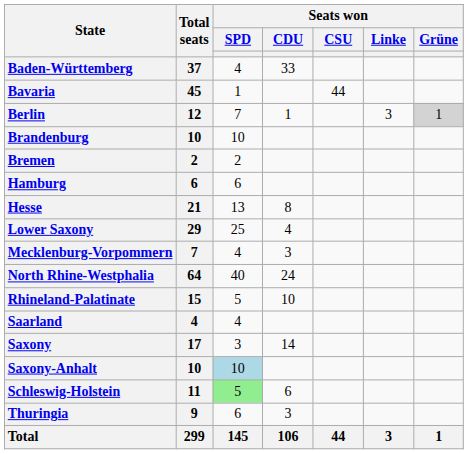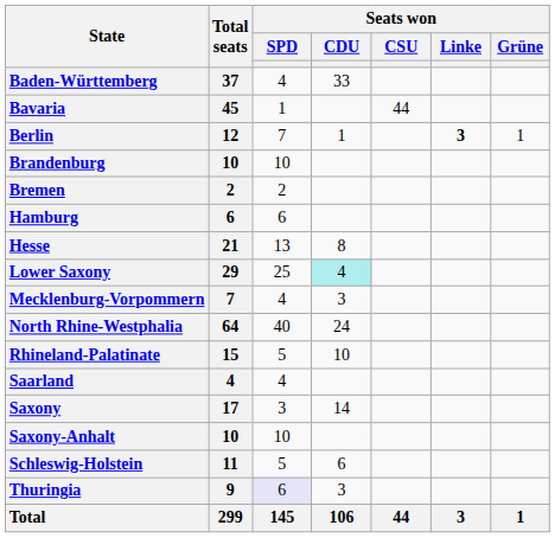 <table class="wikitable" style="text-align:center; font-size: 0.9em;">
 <tr>
 <th rowspan="3">State</th>
 <th rowspan="3">Total<br>seats</th>
 <th colspan="5">Seats won</th>
 </tr>
 <tr>
 <th class="unsortable" style="width:45px;"><a href='#'>SPD</a></th>
 <th class="unsortable" style="width:45px;"><a href='#'>CDU</a></th>
 <th class="unsortable" style="width:45px;"><a href='#'>CSU</a></th>
 <th class="unsortable" style="width:45px;"><a href='#'>Linke</a></th>
 <th class="unsortable" style="width:45px;"><a href='#'>Grüne</a></th>
 </tr>
 <tr>
 <th style="background:"></th>
 <th style="background:"></th>
 <th style="background:"></th>
 <th style="background:"></th>
 <th style="background:"></th>
 </tr>
 <tr>
 <th style="text-align: left;"><a href='#'>Baden-Württemberg</a></th>
 <th>37</th>
 <td>4</td>
 <td>33</td>
 <td></td>
 <td></td>
 <td></td>
 </tr>
 <tr>
 <th style="text-align: left;"><a href='#'>Bavaria</a></th>
 <th>45</th>
 <td>1</td>
 <td></td>
 <td>44</td>
 <td></td>
 <td></td>
 </tr>
 <tr>
 <th style="text-align: left;"><a href='#'>Berlin</a></th>
 <th>12</th>
 <td>7</td>
 <td>1</td>
 <td></td>
-<td>3</td>
-<td style="background: lightgrey;">1</td>
+<td><strong>3</strong></td>
+<td>1</td>
 </tr>
 <tr>
 <th style="text-align: left;"><a href='#'>Brandenburg</a></th>
 <th>10</th>
 <td>10</td>
 <td></td>
 <td></td>
 <td></td>
 <td></td>
 </tr>
 <tr>
 <th style="text-align: left;"><a href='#'>Bremen</a></th>
 <th>2</th>
 <td>2</td>
 <td></td>
 <td></td>
 <td></td>
 <td></td>
 </tr>
 <tr>
 <th style="text-align: left;"><a href='#'>Hamburg</a></th>
 <th>6</th>
 <td>6</td>
 <td></td>
 <td></td>
 <td></td>
 <td></td>
 </tr>
 <tr>
 <th style="text-align: left;"><a href='#'>Hesse</a></th>
 <th>21</th>
 <td>13</td>
 <td>8</td>
 <td></td>
 <td></td>
 <td></td>
 </tr>
 <tr>
 <th style="text-align: left;"><a href='#'>Lower Saxony</a></th>
 <th>29</th>
 <td>25</td>
-<td>4</td>
+<td style="background: paleturquoise;">4</td>
 <td></td>
 <td></td>
 <td></td>
 </tr>
 <tr>
 <th style="text-align: left;"><a href='#'>Mecklenburg-Vorpommern</a></th>
 <th>7</th>
 <td>4</td>
 <td>3</td>
 <td></td>
 <td></td>
 <td></td>
 </tr>
 <tr>
 <th style="text-align: left;"><a href='#'>North Rhine-Westphalia</a></th>
 <th>64</th>
 <td>40</td>
 <td>24</td>
 <td></td>
 <td></td>
 <td></td>
 </tr>
 <tr>
 <th style="text-align: left;"><a href='#'>Rhineland-Palatinate</a></th>
 <th>15</th>
 <td>5</td>
 <td>10</td>
 <td></td>
 <td></td>
 <td></td>
 </tr>
 <tr>
 <th style="text-align: left;"><a href='#'>Saarland</a></th>
 <th>4</th>
 <td>4</td>
 <td></td>
 <td></td>
 <td></td>
 <td></td>
 </tr>
 <tr>
 <th style="text-align: left;"><a href='#'>Saxony</a></th>
 <th>17</th>
 <td>3</td>
 <td>14</td>
 <td></td>
 <td></td>
 <td></td>
 </tr>
 <tr>
 <th style="text-align: left;"><a href='#'>Saxony-Anhalt</a></th>
 <th>10</th>
-<td style="background: lightblue;">10</td>
+<td>10</td>
 <td></td>
 <td></td>
 <td></td>
 <td></td>
 </tr>
 <tr>
 <th style="text-align: left;"><a href='#'>Schleswig-Holstein</a></th>
 <th>11</th>
-<td style="background: lightgreen;">5</td>
+<td>5</td>
 <td>6</td>
 <td></td>
 <td></td>
 <td></td>
 </tr>
 <tr>
 <th style="text-align: left;"><a href='#'>Thuringia</a></th>
 <th>9</th>
-<td>6</td>
+<td style="background: lavender;">6</td>
 <td>3</td>
 <td></td>
 <td></td>
 <td></td>
 </tr>
 <tr class="sortbottom">
 <th style="text-align: left;">Total</th>
 <th>299</th>
 <th>145</th>
 <th>106</th>
 <th>44</th>
 <th>3</th>
 <th>1</th>
 </tr>
 </table>
